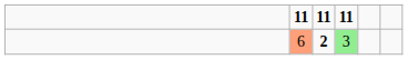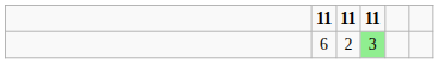 <table class="wikitable">
 <tr>
 <td style="width:18em"></td>
 <td align=center style="width:1em"><strong>11</strong></td>
 <td align=center style="width:1em"><strong>11</strong></td>
 <td align=center style="width:1em"><strong>11</strong></td>
 <td align=center style="width:1em"></td>
 <td align=center style="width:1em"></td>
 </tr>
 <tr>
 <td style="width:18em"></td>
-<td align=center style="background: lightsalmon; width:1em">6</td>
-<td align=center style="width:1em"><strong>2</strong></td>
+<td align=center style="width:1em">6</td>
+<td align=center style="width:1em">2</td>
 <td align=center style="background: lightgreen; width:1em">3</td>
 <td align=center style="width:1em"></td>
 <td align=center style="width:1em"></td>
 </tr>
 </table>
